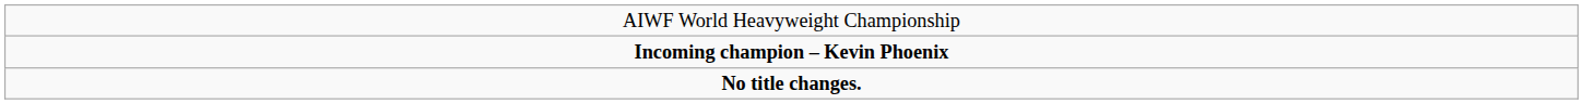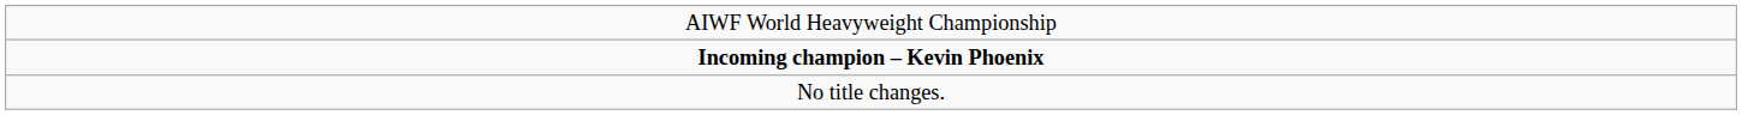 <table class="wikitable" style="text-align:center; width:100%;">
 <tr>
 <td style="text-align: center;">AIWF World Heavyweight Championship</td>
 </tr>
 <tr>
 <td style="text-align: center;"><strong>Incoming champion – Kevin Phoenix</strong></td>
 </tr>
 <tr>
-<td><strong>No title changes.</strong></td>
+<td>No title changes.</td>
 </tr>
 </table>
